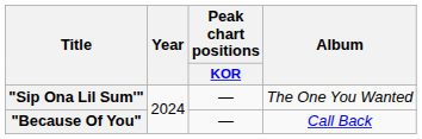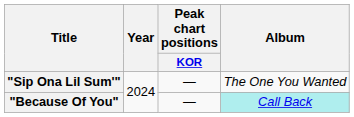 <table class="wikitable plainrowheaders" style="text-align:center">
 <tr>
 <th scope="col" rowspan="2">Title</th>
 <th scope="col" rowspan="2">Year</th>
 <th scope="col" colspan="1">Peak<br>chart<br>positions</th>
 <th scope="col" rowspan="2">Album</th>
 </tr>
 <tr>
 <th scope="col" style="width:3em;font-size:90%"><a href='#'>KOR</a><br></th>
 </tr>
 <tr>
 <th scope="row">"Sip Ona Lil Sum'"<br></th>
 <td rowspan="2">2024</td>
 <td>—</td>
 <td><em>The One You Wanted</em></td>
 </tr>
 <tr>
 <th scope="row">"Because Of You"<br></th>
 <td>—</td>
-<td><em><a href='#'>Call Back</a></em></td>
+<td style="background: paleturquoise;"><em><a href='#'>Call Back</a></em></td>
 </tr>
 </table>
